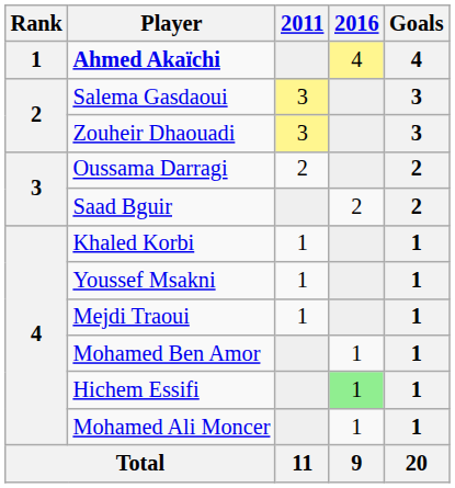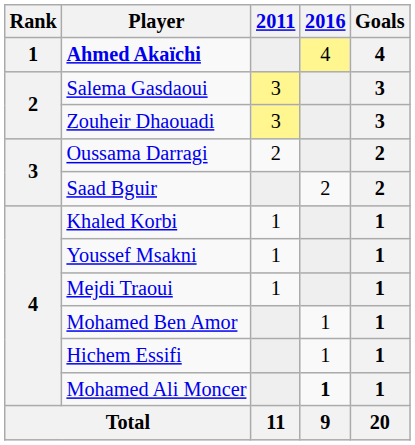 <table class="wikitable" style="text-align:center; font-size:85%">
 <tr>
 <th>Rank</th>
 <th>Player</th>
 <th><a href='#'>2011</a></th>
 <th><a href='#'>2016</a></th>
 <th>Goals</th>
 </tr>
 <tr>
 <th>1</th>
 <td align="left"><strong><a href='#'>Ahmed Akaïchi</a></strong></td>
 <td bgcolor=efefef></td>
 <td bgcolor=fff68f>4</td>
 <th>4</th>
 </tr>
 <tr>
 <th rowspan="2">2</th>
 <td align="left"><a href='#'>Salema Gasdaoui</a></td>
 <td bgcolor=fff68f>3</td>
 <td bgcolor=efefef></td>
 <th>3</th>
 </tr>
 <tr>
 <td align="left"><a href='#'>Zouheir Dhaouadi</a></td>
 <td bgcolor=fff68f>3</td>
 <td bgcolor=efefef></td>
 <th>3</th>
 </tr>
 <tr>
 <th rowspan="2">3</th>
 <td align="left"><a href='#'>Oussama Darragi</a></td>
 <td>2</td>
 <td bgcolor=efefef></td>
 <th>2</th>
 </tr>
 <tr>
 <td align="left"><a href='#'>Saad Bguir</a></td>
 <td bgcolor=efefef></td>
 <td>2</td>
 <th>2</th>
 </tr>
 <tr>
 <th rowspan="6">4</th>
 <td align="left"><a href='#'>Khaled Korbi</a></td>
 <td>1</td>
 <td bgcolor=efefef></td>
 <th>1</th>
 </tr>
 <tr>
 <td align="left"><a href='#'>Youssef Msakni</a></td>
 <td>1</td>
 <td bgcolor=efefef></td>
 <th>1</th>
 </tr>
 <tr>
 <td align="left"><a href='#'>Mejdi Traoui</a></td>
 <td>1</td>
 <td bgcolor=efefef></td>
 <th>1</th>
 </tr>
 <tr>
 <td align="left"><a href='#'>Mohamed Ben Amor</a></td>
 <td bgcolor=efefef></td>
 <td>1</td>
 <th>1</th>
 </tr>
 <tr>
 <td align="left"><a href='#'>Hichem Essifi</a></td>
 <td bgcolor=efefef></td>
-<td style="background: lightgreen;">1</td>
+<td>1</td>
 <th>1</th>
 </tr>
 <tr>
 <td align="left"><a href='#'>Mohamed Ali Moncer</a></td>
 <td bgcolor=efefef></td>
-<td>1</td>
+<td><strong>1</strong></td>
 <th>1</th>
 </tr>
 <tr>
 <th colspan="2">Total</th>
 <th>11</th>
 <th>9</th>
 <th>20</th>
 </tr>
 </table>
